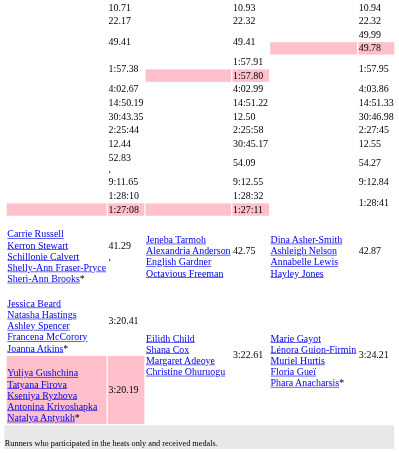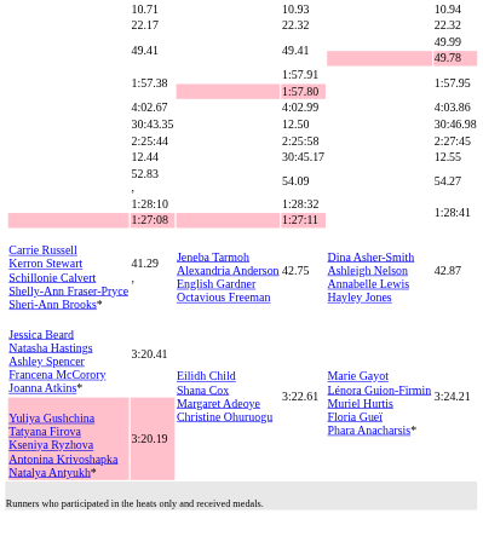 <table>
 <tr>
 <td></td>
 <td></td>
 <td>10.71<br></td>
 <td></td>
 <td>10.93</td>
 <td></td>
 <td>10.94</td>
 </tr>
 <tr>
 <td></td>
 <td></td>
 <td>22.17</td>
 <td></td>
 <td>22.32</td>
 <td></td>
 <td>22.32</td>
 </tr>
 <tr>
 <td rowspan=2></td>
 <td rowspan=2></td>
 <td rowspan=2>49.41<br></td>
 <td rowspan=2></td>
 <td rowspan=2>49.41</td>
 <td></td>
 <td>49.99</td>
 </tr>
 <tr bgcolor=pink>
 <td></td>
 <td>49.78</td>
 </tr>
 <tr>
 <td rowspan=2></td>
 <td rowspan=2></td>
 <td rowspan=2>1:57.38<br></td>
 <td></td>
 <td>1:57.91<br></td>
 <td rowspan=2></td>
 <td rowspan=2>1:57.95</td>
 </tr>
 <tr bgcolor=pink>
 <td></td>
 <td>1:57.80</td>
 </tr>
 <tr>
 <td></td>
 <td></td>
 <td>4:02.67</td>
 <td></td>
 <td>4:02.99</td>
 <td></td>
 <td>4:03.86</td>
 </tr>
 <tr>
 <td></td>
 <td></td>
-<td>14:50.19</td>
-<td></td>
-<td>14:51.22</td>
-<td></td>
-<td>14:51.33</td>
-</tr>
-<tr>
-<td></td>
-<td></td>
 <td>30:43.35</td>
 <td></td>
 <td>12.50<br></td>
 <td></td>
 <td>30:46.98</td>
 </tr>
 <tr>
 <td></td>
 <td></td>
 <td>2:25:44</td>
 <td></td>
 <td>2:25:58<br></td>
 <td></td>
 <td>2:27:45</td>
 </tr>
 <tr>
 <td></td>
 <td></td>
 <td>12.44</td>
 <td></td>
 <td>30:45.17</td>
 <td></td>
 <td>12.55<br></td>
 </tr>
 <tr>
 <td></td>
 <td></td>
 <td>52.83<br>, </td>
 <td></td>
 <td>54.09</td>
 <td></td>
 <td>54.27</td>
-</tr>
-<tr>
-<td></td>
-<td></td>
-<td>9:11.65<br></td>
-<td></td>
-<td>9:12.55<br></td>
-<td></td>
-<td>9:12.84<br></td>
 </tr>
 <tr>
 <td rowspan=2></td>
 <td></td>
 <td>1:28:10</td>
 <td></td>
 <td>1:28:32</td>
 <td rowspan=2></td>
 <td rowspan=2>1:28:41</td>
 </tr>
 <tr bgcolor=pink>
 <td></td>
 <td>1:27:08</td>
 <td></td>
 <td>1:27:11</td>
 </tr>
 <tr>
 <td></td>
 <td><br><a href='#'>Carrie Russell</a><br><a href='#'>Kerron Stewart</a><br><a href='#'>Schillonie Calvert</a><br><a href='#'>Shelly-Ann Fraser-Pryce</a><br><a href='#'>Sheri-Ann Brooks</a>*</td>
 <td>41.29<br>, </td>
 <td><br><a href='#'>Jeneba Tarmoh</a><br><a href='#'>Alexandria Anderson</a><br><a href='#'>English Gardner</a><br><a href='#'>Octavious Freeman</a></td>
 <td>42.75</td>
 <td><br><a href='#'>Dina Asher-Smith</a><br><a href='#'>Ashleigh Nelson</a><br><a href='#'>Annabelle Lewis</a><br><a href='#'>Hayley Jones</a></td>
 <td>42.87</td>
 </tr>
 <tr>
 <td rowspan=2></td>
 <td><br><a href='#'>Jessica Beard</a><br><a href='#'>Natasha Hastings</a><br><a href='#'>Ashley Spencer</a><br><a href='#'>Francena McCorory</a><br><a href='#'>Joanna Atkins</a>*</td>
 <td>3:20.41<br></td>
 <td rowspan=2><br><a href='#'>Eilidh Child</a><br><a href='#'>Shana Cox</a><br><a href='#'>Margaret Adeoye</a><br><a href='#'>Christine Ohuruogu</a><br> <br></td>
 <td rowspan=2>3:22.61<br></td>
 <td rowspan=2><br><a href='#'>Marie Gayot</a> <br><a href='#'>Lénora Guion-Firmin</a> <br> <a href='#'>Muriel Hurtis</a> <br><a href='#'>Floria Gueï</a> <br> <a href='#'>Phara Anacharsis</a>*</td>
 <td rowspan=2>3:24.21</td>
 </tr>
 <tr bgcolor=pink>
 <td><br><a href='#'>Yuliya Gushchina</a><br><a href='#'>Tatyana Firova</a><br><a href='#'>Kseniya Ryzhova</a><br><a href='#'>Antonina Krivoshapka</a><br> <a href='#'>Natalya Antyukh</a>*<br></td>
 <td>3:20.19<br></td>
 </tr>
 <tr style="background:#e8e8e8;">
 <td colspan=7><br> <small>Runners who participated in the heats only and received medals.</small></td>
 </tr>
 </table>
